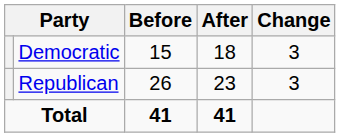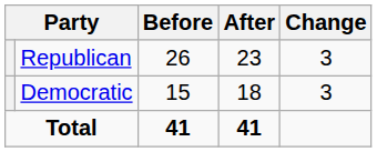 <table class="wikitable" style="text-align:center;">
 <tr>
 <th colspan="2">Party</th>
 <th>Before</th>
 <th>After</th>
 <th>Change</th>
 </tr>
 <tr>
 <th style="background-color:"></th>
-<td style="text-align:left;"><a href='#'>Democratic</a></td>
-<td>15</td>
-<td>18</td>
+<td style="text-align:left;"><a href='#'>Republican</a></td>
+<td>26</td>
+<td>23</td>
 <td> 3</td>
 </tr>
 <tr>
 <th style="background-color:"></th>
-<td style="text-align:left;"><a href='#'>Republican</a></td>
-<td>26</td>
-<td>23</td>
+<td style="text-align:left;"><a href='#'>Democratic</a></td>
+<td>15</td>
+<td>18</td>
 <td> 3</td>
 </tr>
 <tr>
 <td colspan="2"><strong>Total</strong></td>
 <td><strong>41</strong></td>
 <td><strong>41</strong></td>
 <td></td>
 </tr>
 </table>
